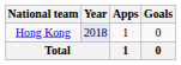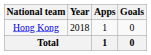 <table class="wikitable" style="text-align:center">
 <tr>
 <th>National team</th>
 <th>Year</th>
 <th>Apps</th>
 <th>Goals</th>
 </tr>
 <tr>
 <td rowspan="1"><a href='#'>Hong Kong</a></td>
-<td style="background: lavender;">2018</td>
+<td>2018</td>
 <td>1</td>
 <td>0</td>
 </tr>
 <tr>
 <th colspan=2>Total</th>
 <th>1</th>
 <th>0</th>
 </tr>
 </table>
